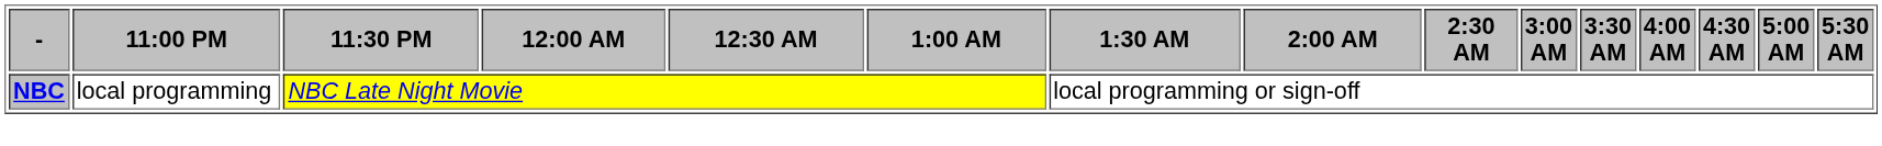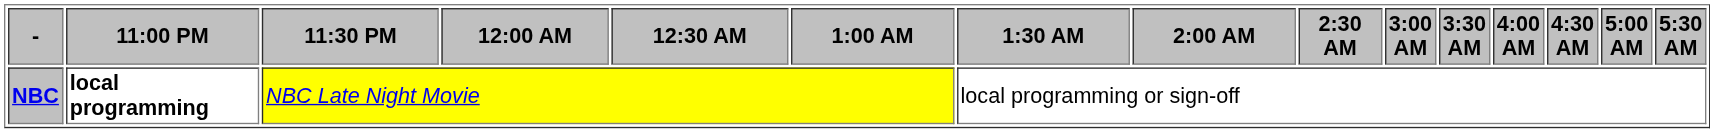 <table border="1" cellpadding="2">
 <tr>
 <th bgcolor="#C0C0C0">-</th>
 <th width="13%" bgcolor="#C0C0C0">11:00 PM</th>
 <th width="14%" bgcolor="#C0C0C0">11:30 PM</th>
 <th width="13%" bgcolor="#C0C0C0">12:00 AM</th>
 <th width="14%" bgcolor="#C0C0C0">12:30 AM</th>
 <th width="13%" bgcolor="#C0C0C0">1:00 AM</th>
 <th width="14%" bgcolor="#C0C0C0">1:30 AM</th>
 <th width="13%" bgcolor="#C0C0C0">2:00 AM</th>
 <th width="14%" bgcolor="#C0C0C0">2:30 AM</th>
 <th width="13%" bgcolor="#C0C0C0">3:00 AM</th>
 <th width="14%" bgcolor="#C0C0C0">3:30 AM</th>
 <th width="13%" bgcolor="#C0C0C0">4:00 AM</th>
 <th width="14%" bgcolor="#C0C0C0">4:30 AM</th>
 <th width="13%" bgcolor="#C0C0C0">5:00 AM</th>
 <th width="14%" bgcolor="#C0C0C0">5:30 AM</th>
 </tr>
 <tr>
 <th bgcolor="#C0C0C0"><a href='#'>NBC</a></th>
-<td bgcolor="white">local programming</td>
+<td bgcolor="white"><strong>local programming</strong></td>
 <td bgcolor="yellow" colspan="4"><a href='#'><em>NBC Late Night Movie</em></a></td>
 <td bgcolor="white" colspan="10">local programming or sign-off</td>
 </tr>
 </table>
